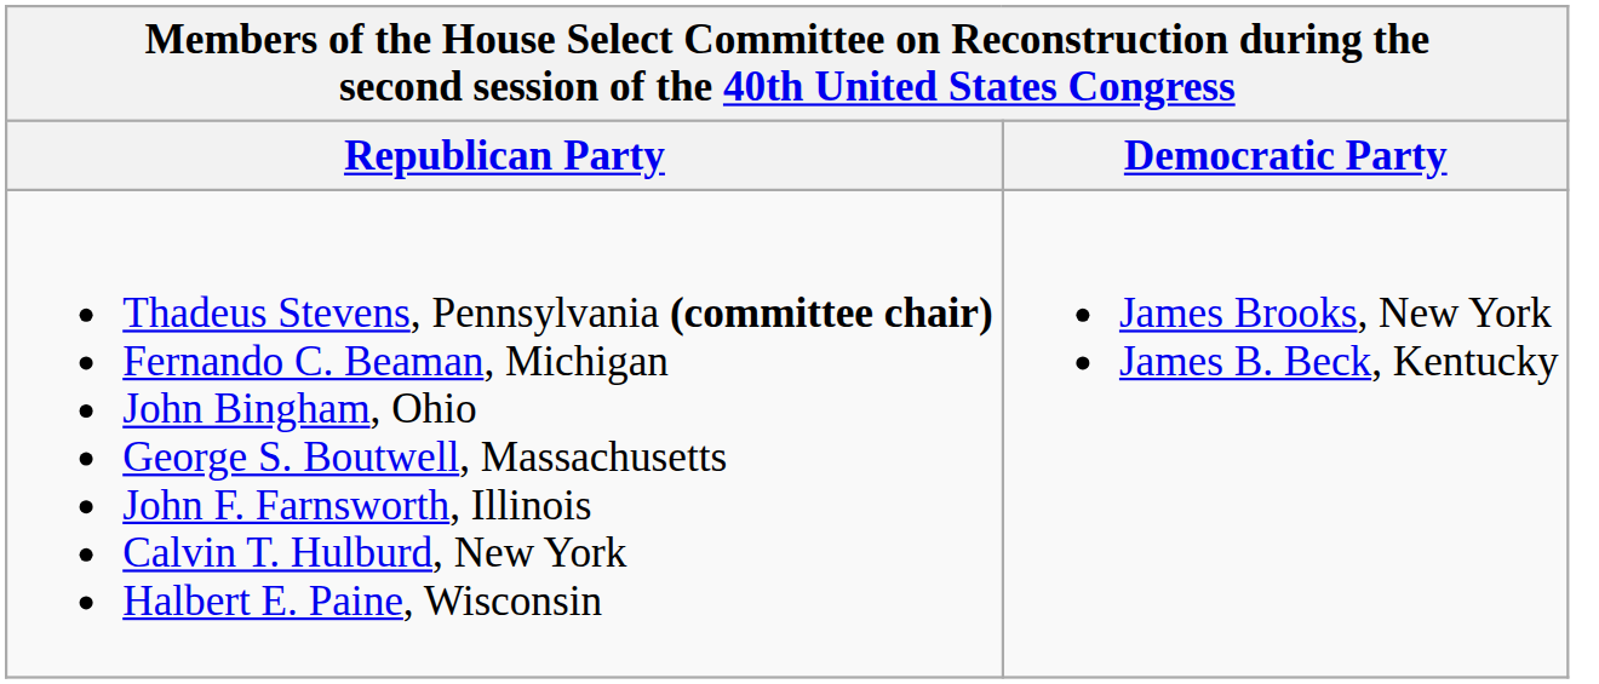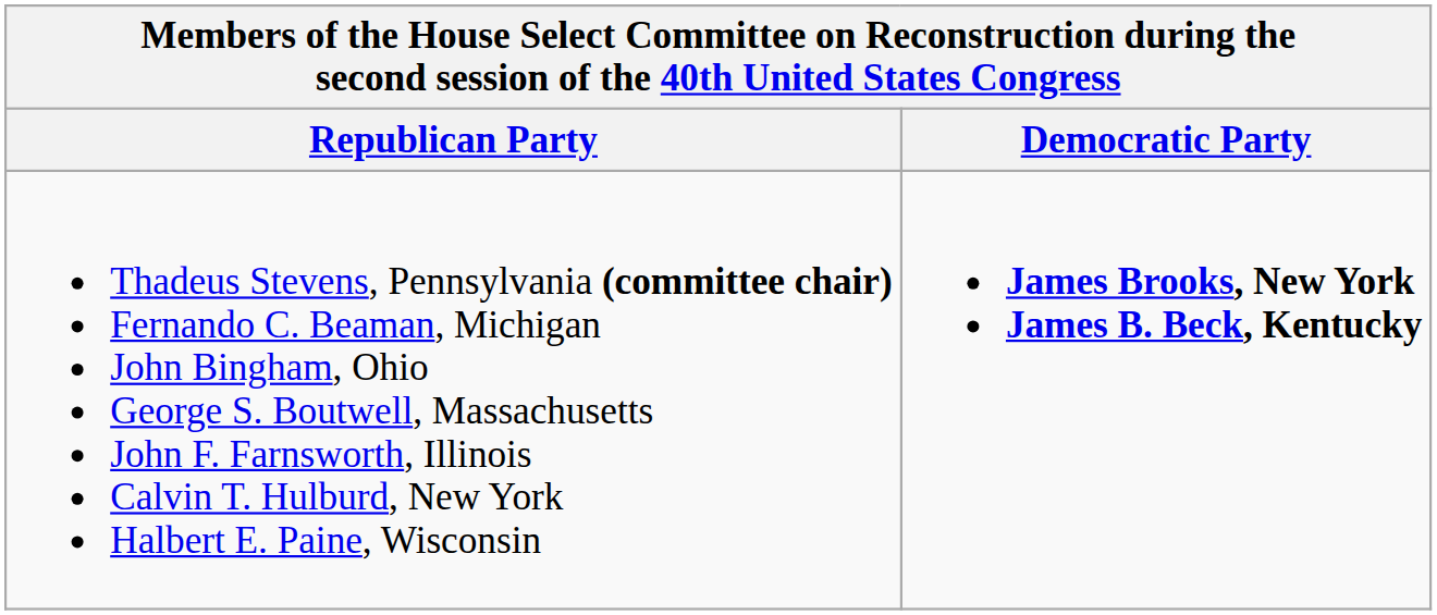 <table class=wikitable>
 <tr>
 <th Colspan=3>Members of the House Select Committee on Reconstruction during the<br>second session of the  <a href='#'>40th United States Congress</a></th>
 </tr>
 <tr>
 <th><a href='#'>Republican Party</a></th>
 <th><a href='#'>Democratic Party</a></th>
 </tr>
 <tr>
 <td valign=top ><br><ul><li><a href='#'>Thadeus Stevens</a>, Pennsylvania <strong>(committee chair)</strong></li><li><a href='#'>Fernando C. Beaman</a>, Michigan</li><li><a href='#'>John Bingham</a>, Ohio</li><li><a href='#'>George S. Boutwell</a>, Massachusetts</li><li><a href='#'>John F. Farnsworth</a>, Illinois</li><li><a href='#'>Calvin T. Hulburd</a>, New York</li><li><a href='#'>Halbert E. Paine</a>, Wisconsin</li></ul></td>
-<td valign=top ><br><ul><li><a href='#'>James Brooks</a>, New York</li><li><a href='#'>James B. Beck</a>, Kentucky</li></ul></td>
+<td valign=top ><strong><br><ul><li><a href='#'>James Brooks</a>, New York</li><li><a href='#'>James B. Beck</a>, Kentucky</li></ul></strong></td>
 </tr>
 </table>
